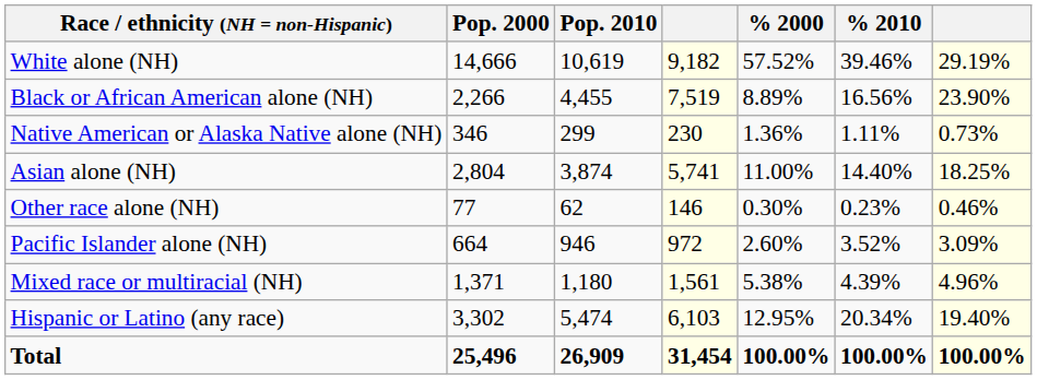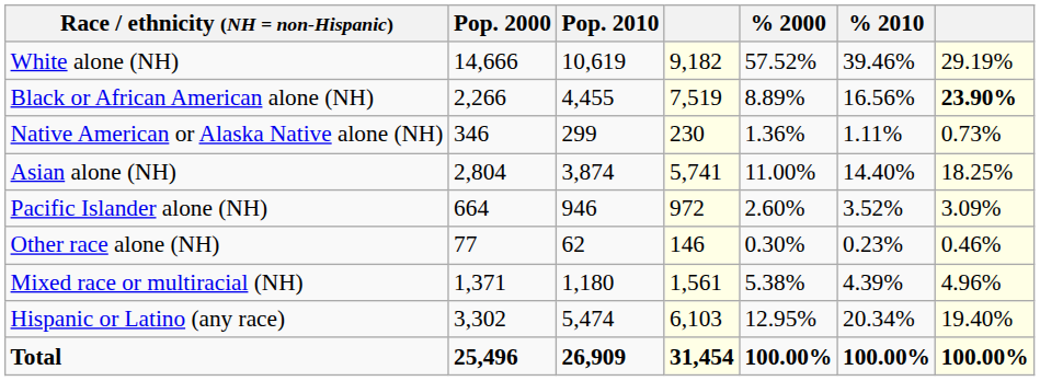 <table class="wikitable">
 <tr>
 <th>Race / ethnicity <small>(<em>NH = non-Hispanic</em>)</small></th>
 <th>Pop. 2000</th>
 <th>Pop. 2010</th>
 <th></th>
 <th>% 2000</th>
 <th>% 2010</th>
 <th></th>
 </tr>
 <tr>
 <td><a href='#'>White</a> alone (NH)</td>
 <td>14,666</td>
 <td>10,619</td>
 <td style='background: #ffffe6;'>9,182</td>
 <td>57.52%</td>
 <td>39.46%</td>
 <td style='background: #ffffe6;'>29.19%</td>
 </tr>
 <tr>
 <td><a href='#'>Black or African American</a> alone (NH)</td>
 <td>2,266</td>
 <td>4,455</td>
 <td style='background: #ffffe6;'>7,519</td>
 <td>8.89%</td>
 <td>16.56%</td>
-<td style='background: #ffffe6;'>23.90%</td>
+<td style='background: #ffffe6;'><strong>23.90%</strong></td>
 </tr>
 <tr>
 <td><a href='#'>Native American</a> or <a href='#'>Alaska Native</a> alone (NH)</td>
 <td>346</td>
 <td>299</td>
 <td style='background: #ffffe6;'>230</td>
 <td>1.36%</td>
 <td>1.11%</td>
 <td style='background: #ffffe6;'>0.73%</td>
 </tr>
 <tr>
 <td><a href='#'>Asian</a> alone (NH)</td>
 <td>2,804</td>
 <td>3,874</td>
 <td style='background: #ffffe6;'>5,741</td>
 <td>11.00%</td>
 <td>14.40%</td>
 <td style='background: #ffffe6;'>18.25%</td>
 </tr>
 <tr>
+<td><a href='#'>Pacific Islander</a> alone (NH)</td>
+<td>664</td>
+<td>946</td>
+<td style='background: #ffffe6;'>972</td>
+<td>2.60%</td>
+<td>3.52%</td>
+<td style='background: #ffffe6;'>3.09%</td>
+</tr>
+<tr>
 <td><a href='#'>Other race</a> alone (NH)</td>
 <td>77</td>
 <td>62</td>
 <td style='background: #ffffe6;'>146</td>
 <td>0.30%</td>
 <td>0.23%</td>
 <td style='background: #ffffe6;'>0.46%</td>
-</tr>
-<tr>
-<td><a href='#'>Pacific Islander</a> alone (NH)</td>
-<td>664</td>
-<td>946</td>
-<td style='background: #ffffe6;'>972</td>
-<td>2.60%</td>
-<td>3.52%</td>
-<td style='background: #ffffe6;'>3.09%</td>
 </tr>
 <tr>
 <td><a href='#'>Mixed race or multiracial</a> (NH)</td>
 <td>1,371</td>
 <td>1,180</td>
 <td style='background: #ffffe6;'>1,561</td>
 <td>5.38%</td>
 <td>4.39%</td>
 <td style='background: #ffffe6;'>4.96%</td>
 </tr>
 <tr>
 <td><a href='#'>Hispanic or Latino</a> (any race)</td>
 <td>3,302</td>
 <td>5,474</td>
 <td style='background: #ffffe6;'>6,103</td>
 <td>12.95%</td>
 <td>20.34%</td>
 <td style='background: #ffffe6;'>19.40%</td>
 </tr>
 <tr>
 <td><strong>Total</strong></td>
 <td><strong>25,496</strong></td>
 <td><strong>26,909</strong></td>
 <td style='background: #ffffe6;'><strong>31,454</strong></td>
 <td><strong>100.00%</strong></td>
 <td><strong>100.00%</strong></td>
 <td style='background: #ffffe6;'><strong>100.00%</strong></td>
 </tr>
 </table>
